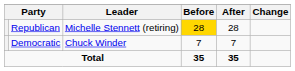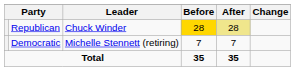 <table class="wikitable" style="text-align:center;">
 <tr>
 </tr>
 <tr>
 <th colspan=2>Party</th>
 <th>Leader</th>
 <th style="width:3em">Before</th>
 <th style="width:3em">After</th>
 <th style="width:3em">Change</th>
 </tr>
 <tr>
 <th style="background-color:"></th>
 <td style="text-align:left;"><a href='#'>Republican</a></td>
-<td style="text-align:left;"><a href='#'>Michelle Stennett</a> (retiring)</td>
+<td style="text-align:left;"><a href='#'>Chuck Winder</a></td>
 <td style="background: gold;">28</td>
-<td>28</td>
+<td style="background: khaki;">28</td>
 <td></td>
 </tr>
 <tr>
 <th style="background-color:"></th>
 <td style="text-align:left;"><a href='#'>Democratic</a></td>
-<td style="text-align:left;"><a href='#'>Chuck Winder</a></td>
+<td style="text-align:left;"><a href='#'>Michelle Stennett</a> (retiring)</td>
 <td>7</td>
 <td>7</td>
 <td></td>
 </tr>
 <tr>
 <td colspan=3><strong>Total</strong></td>
 <td><strong>35</strong></td>
 <td><strong>35</strong></td>
 <td></td>
 </tr>
 </table>
